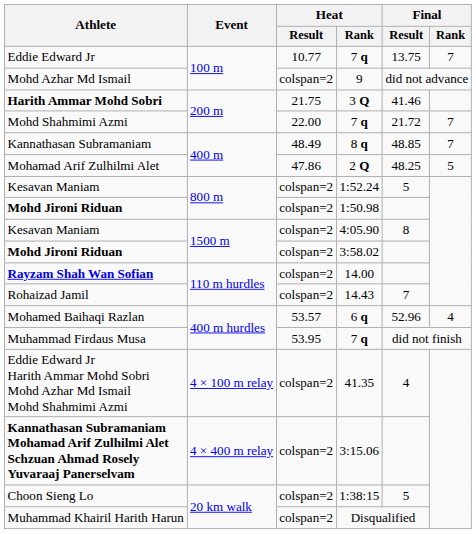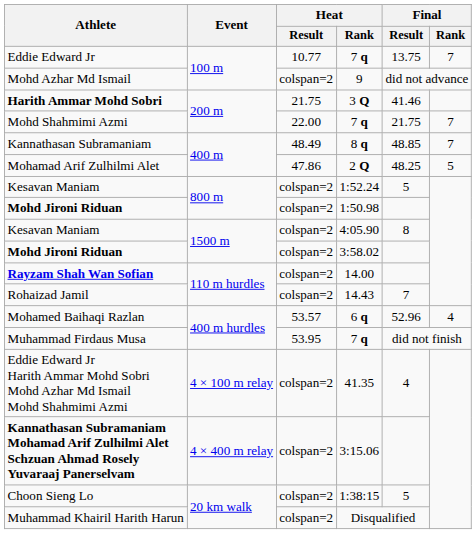 <table class="wikitable" style="font-size:90%">
 <tr>
 <th rowspan="2">Athlete</th>
 <th rowspan="2">Event</th>
 <th colspan="2">Heat</th>
 <th colspan="2">Final</th>
 </tr>
 <tr style="font-size:95%">
 <th>Result</th>
 <th>Rank</th>
 <th>Result</th>
 <th>Rank</th>
 </tr>
 <tr align=center>
 <td align=left>Eddie Edward Jr</td>
 <td align=left rowspan=2><a href='#'>100 m</a></td>
 <td>10.77</td>
 <td>7 <strong>q</strong></td>
 <td>13.75</td>
 <td>7</td>
 </tr>
 <tr align=center>
 <td align=left>Mohd Azhar Md Ismail</td>
 <td>colspan=2 </td>
 <td>9</td>
 <td colspan=2>did not advance</td>
 </tr>
 <tr align=center>
 <td align=left><strong>Harith Ammar Mohd Sobri</strong></td>
 <td align=left rowspan=2><a href='#'>200 m</a></td>
 <td>21.75</td>
 <td>3 <strong>Q</strong></td>
 <td>41.46</td>
 <td></td>
 </tr>
 <tr align=center>
 <td align=left>Mohd Shahmimi Azmi</td>
 <td>22.00</td>
 <td>7 <strong>q</strong></td>
-<td>21.72</td>
+<td>21.75</td>
 <td>7</td>
 </tr>
 <tr align=center>
 <td align=left>Kannathasan Subramaniam</td>
 <td align=left rowspan=2><a href='#'>400 m</a></td>
 <td>48.49</td>
 <td>8 <strong>q</strong></td>
 <td>48.85</td>
 <td>7</td>
 </tr>
 <tr align=center>
 <td align=left>Mohamad Arif Zulhilmi Alet</td>
 <td>47.86</td>
 <td>2 <strong>Q</strong></td>
 <td>48.25</td>
 <td>5</td>
 </tr>
 <tr align=center>
 <td align=left>Kesavan Maniam</td>
 <td align=left rowspan=2><a href='#'>800 m</a></td>
 <td>colspan=2 </td>
 <td>1:52.24</td>
 <td>5</td>
 </tr>
 <tr align=center>
 <td align=left><strong>Mohd Jironi Riduan</strong></td>
 <td>colspan=2 </td>
 <td>1:50.98</td>
 <td></td>
 </tr>
 <tr align=center>
 <td align=left>Kesavan Maniam</td>
 <td align=left rowspan=2><a href='#'>1500 m</a></td>
 <td>colspan=2 </td>
 <td>4:05.90</td>
 <td>8</td>
 </tr>
 <tr align=center>
 <td align=left><strong>Mohd Jironi Riduan</strong></td>
 <td>colspan=2 </td>
 <td>3:58.02</td>
 <td></td>
 </tr>
 <tr align=center>
 <td align=left><strong><a href='#'>Rayzam Shah Wan Sofian</a></strong></td>
 <td align=left rowspan=2><a href='#'>110 m hurdles</a></td>
 <td>colspan=2 </td>
 <td>14.00</td>
 <td></td>
 </tr>
 <tr align=center>
 <td align=left>Rohaizad Jamil</td>
 <td>colspan=2 </td>
 <td>14.43</td>
 <td>7</td>
 </tr>
 <tr align=center>
 <td align=left>Mohamed Baihaqi Razlan</td>
 <td align=left rowspan=2><a href='#'>400 m hurdles</a></td>
 <td>53.57</td>
 <td>6 <strong>q</strong></td>
 <td>52.96</td>
 <td>4</td>
 </tr>
 <tr align=center>
 <td align=left>Muhammad Firdaus Musa</td>
 <td>53.95</td>
 <td>7 <strong>q</strong></td>
 <td colspan=2>did not finish</td>
 </tr>
 <tr align=center>
 <td align=left>Eddie Edward Jr<br>Harith Ammar Mohd Sobri<br>Mohd Azhar Md Ismail<br>Mohd Shahmimi Azmi</td>
 <td align=left><a href='#'>4 × 100 m relay</a></td>
 <td>colspan=2 </td>
 <td>41.35</td>
 <td>4</td>
 </tr>
 <tr align=center>
 <td align=left><strong>Kannathasan Subramaniam<br>Mohamad Arif Zulhilmi Alet<br>Schzuan Ahmad Rosely<br>Yuvaraaj Panerselvam</strong></td>
 <td align=left><a href='#'>4 × 400 m relay</a></td>
 <td>colspan=2 </td>
 <td>3:15.06</td>
 <td></td>
 </tr>
 <tr align=center>
 <td align=left>Choon Sieng Lo</td>
 <td align=left rowspan=2><a href='#'>20 km walk</a></td>
 <td>colspan=2 </td>
 <td>1:38:15</td>
 <td>5</td>
 </tr>
 <tr align=center>
 <td align=left>Muhammad Khairil Harith Harun</td>
 <td>colspan=2 </td>
 <td colspan=2>Disqualified</td>
 </tr>
 </table>
